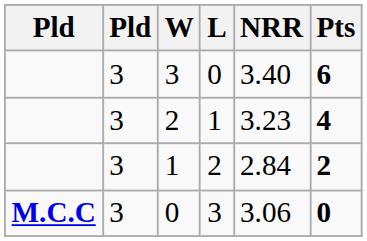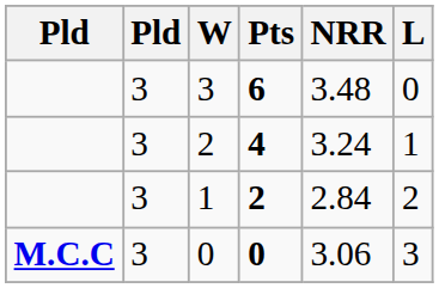 <table class="wikitable">
 <tr>
 <th>Pld</th>
 <th>Pld</th>
 <th>W</th>
+<th>Pts</th>
+<th>NRR</th>
 <th>L</th>
-<th>NRR</th>
-<th>Pts</th>
 </tr>
 <tr>
 <td></td>
 <td>3</td>
 <td>3</td>
+<td><strong>6</strong></td>
+<td>3.48</td>
 <td>0</td>
-<td>3.40</td>
-<td><strong>6</strong></td>
 </tr>
 <tr>
 <td></td>
 <td>3</td>
 <td>2</td>
+<td><strong>4</strong></td>
+<td>3.24</td>
 <td>1</td>
-<td>3.23</td>
-<td><strong>4</strong></td>
 </tr>
 <tr>
 <td></td>
 <td>3</td>
 <td>1</td>
+<td><strong>2</strong></td>
+<td>2.84</td>
 <td>2</td>
-<td>2.84</td>
-<td><strong>2</strong></td>
 </tr>
 <tr>
 <td><strong><a href='#'>M.C.C</a></strong></td>
 <td>3</td>
 <td>0</td>
+<td><strong>0</strong></td>
+<td>3.06</td>
 <td>3</td>
-<td>3.06</td>
-<td><strong>0</strong></td>
 </tr>
 </table>
